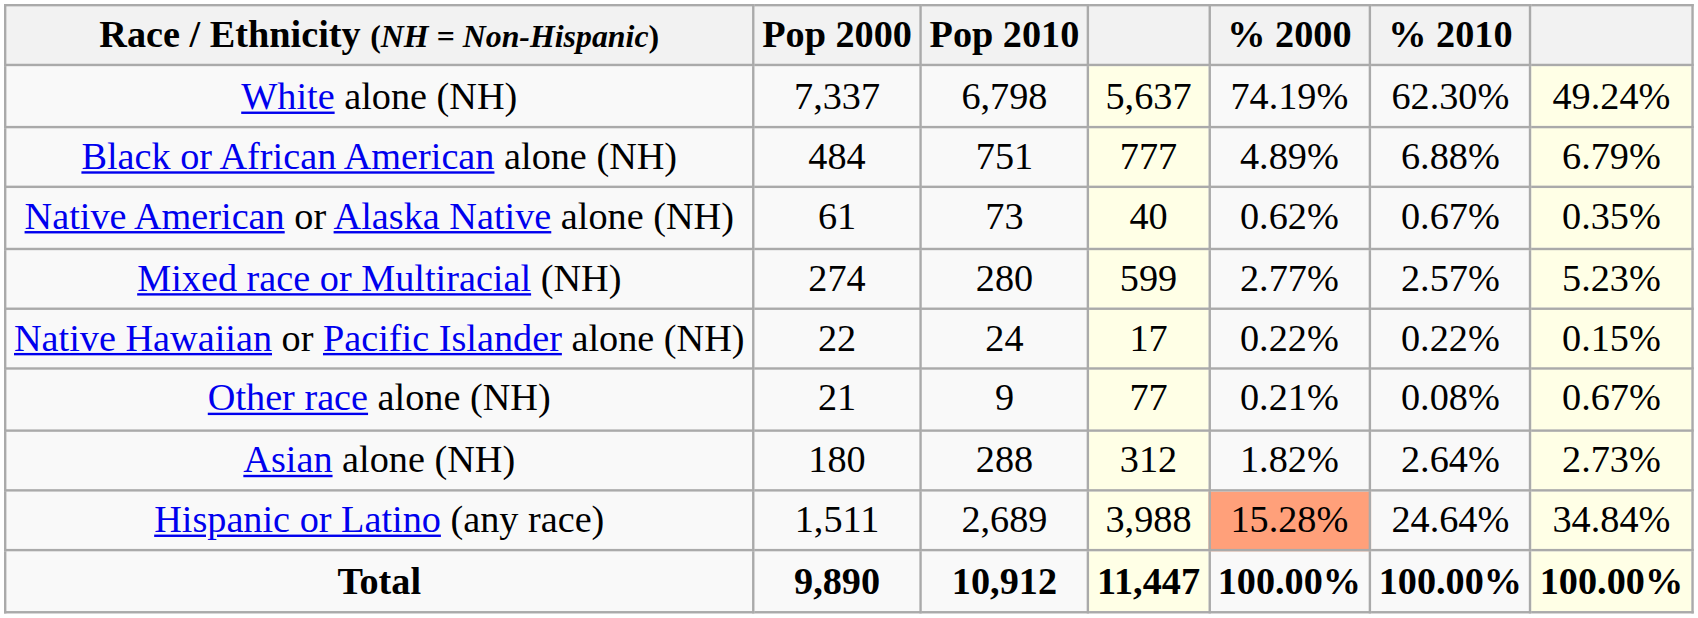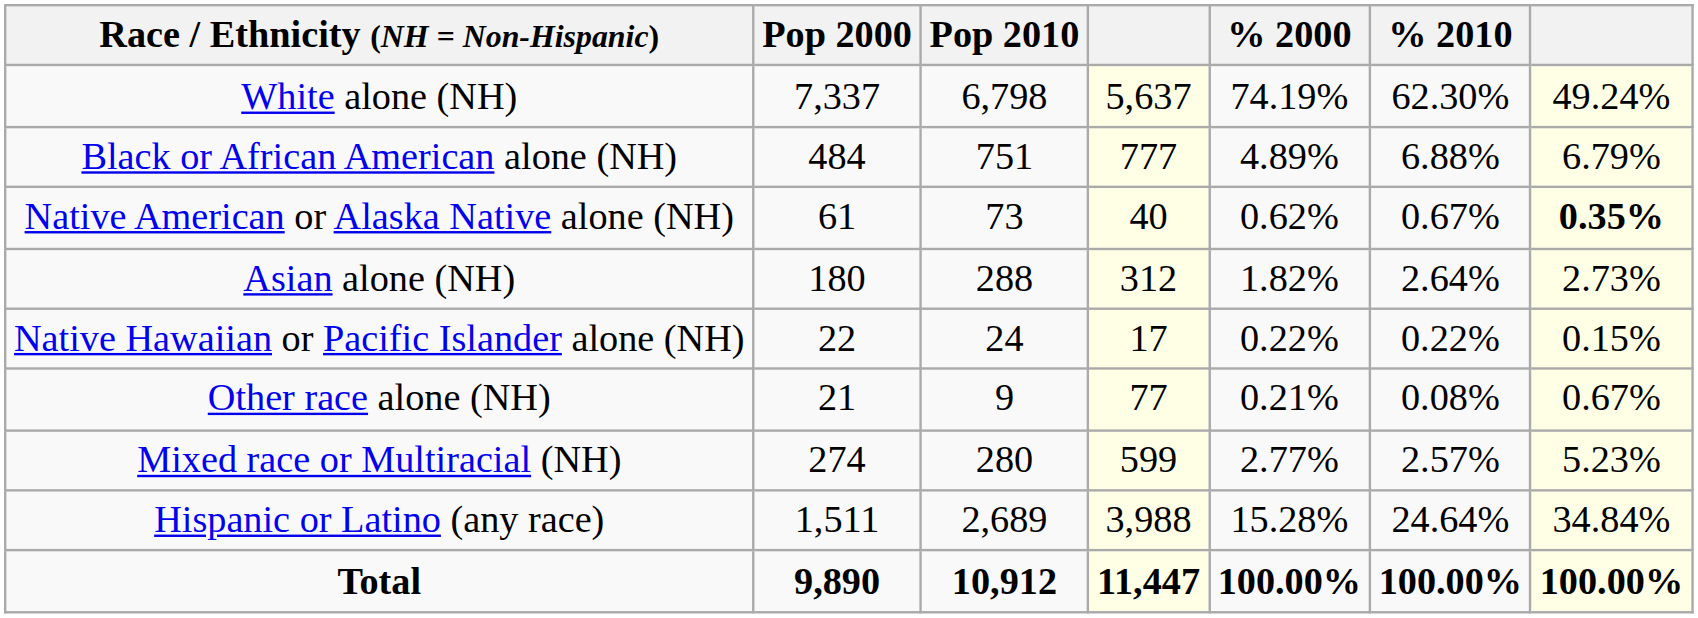 <table class="wikitable" style="text-align:center;">
 <tr>
 <th>Race / Ethnicity <small>(<em>NH = Non-Hispanic</em>)</small></th>
 <th>Pop 2000</th>
 <th>Pop 2010</th>
 <th></th>
 <th>% 2000</th>
 <th>% 2010</th>
 <th></th>
 </tr>
 <tr>
 <td><a href='#'>White</a> alone (NH)</td>
 <td>7,337</td>
 <td>6,798</td>
 <td style='background: #ffffe6;'>5,637</td>
 <td>74.19%</td>
 <td>62.30%</td>
 <td style='background: #ffffe6;'>49.24%</td>
 </tr>
 <tr>
 <td><a href='#'>Black or African American</a> alone (NH)</td>
 <td>484</td>
 <td>751</td>
 <td style='background: #ffffe6;'>777</td>
 <td>4.89%</td>
 <td>6.88%</td>
 <td style='background: #ffffe6;'>6.79%</td>
 </tr>
 <tr>
 <td><a href='#'>Native American</a> or <a href='#'>Alaska Native</a> alone (NH)</td>
 <td>61</td>
 <td>73</td>
 <td style='background: #ffffe6;'>40</td>
 <td>0.62%</td>
 <td>0.67%</td>
-<td style='background: #ffffe6;'>0.35%</td>
+<td style='background: #ffffe6;'><strong>0.35%</strong></td>
 </tr>
 <tr>
-<td><a href='#'>Mixed race or Multiracial</a> (NH)</td>
-<td>274</td>
-<td>280</td>
-<td style='background: #ffffe6;'>599</td>
-<td>2.77%</td>
-<td>2.57%</td>
-<td style='background: #ffffe6;'>5.23%</td>
+<td><a href='#'>Asian</a> alone (NH)</td>
+<td>180</td>
+<td>288</td>
+<td style='background: #ffffe6;'>312</td>
+<td>1.82%</td>
+<td>2.64%</td>
+<td style='background: #ffffe6;'>2.73%</td>
 </tr>
 <tr>
 <td><a href='#'>Native Hawaiian</a> or <a href='#'>Pacific Islander</a> alone (NH)</td>
 <td>22</td>
 <td>24</td>
 <td style='background: #ffffe6;'>17</td>
 <td>0.22%</td>
 <td>0.22%</td>
 <td style='background: #ffffe6;'>0.15%</td>
 </tr>
 <tr>
 <td><a href='#'>Other race</a> alone (NH)</td>
 <td>21</td>
 <td>9</td>
 <td style='background: #ffffe6;'>77</td>
 <td>0.21%</td>
 <td>0.08%</td>
 <td style='background: #ffffe6;'>0.67%</td>
 </tr>
 <tr>
-<td><a href='#'>Asian</a> alone (NH)</td>
-<td>180</td>
-<td>288</td>
-<td style='background: #ffffe6;'>312</td>
-<td>1.82%</td>
-<td>2.64%</td>
-<td style='background: #ffffe6;'>2.73%</td>
+<td><a href='#'>Mixed race or Multiracial</a> (NH)</td>
+<td>274</td>
+<td>280</td>
+<td style='background: #ffffe6;'>599</td>
+<td>2.77%</td>
+<td>2.57%</td>
+<td style='background: #ffffe6;'>5.23%</td>
 </tr>
 <tr>
 <td><a href='#'>Hispanic or Latino</a> (any race)</td>
 <td>1,511</td>
 <td>2,689</td>
 <td style='background: #ffffe6;'>3,988</td>
-<td style="background: lightsalmon;">15.28%</td>
+<td>15.28%</td>
 <td>24.64%</td>
 <td style='background: #ffffe6;'>34.84%</td>
 </tr>
 <tr>
 <td><strong>Total</strong></td>
 <td><strong>9,890</strong></td>
 <td><strong>10,912</strong></td>
 <td style='background: #ffffe6;'><strong>11,447</strong></td>
 <td><strong>100.00%</strong></td>
 <td><strong>100.00%</strong></td>
 <td style='background: #ffffe6;'><strong>100.00%</strong></td>
 </tr>
 </table>
